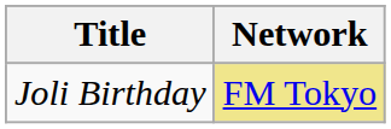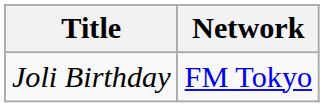 <table class="wikitable">
 <tr>
 <th>Title</th>
 <th>Network</th>
 </tr>
 <tr>
 <td><em>Joli Birthday</em></td>
-<td style="background: khaki;"><a href='#'>FM Tokyo</a></td>
+<td><a href='#'>FM Tokyo</a></td>
 </tr>
 </table>
